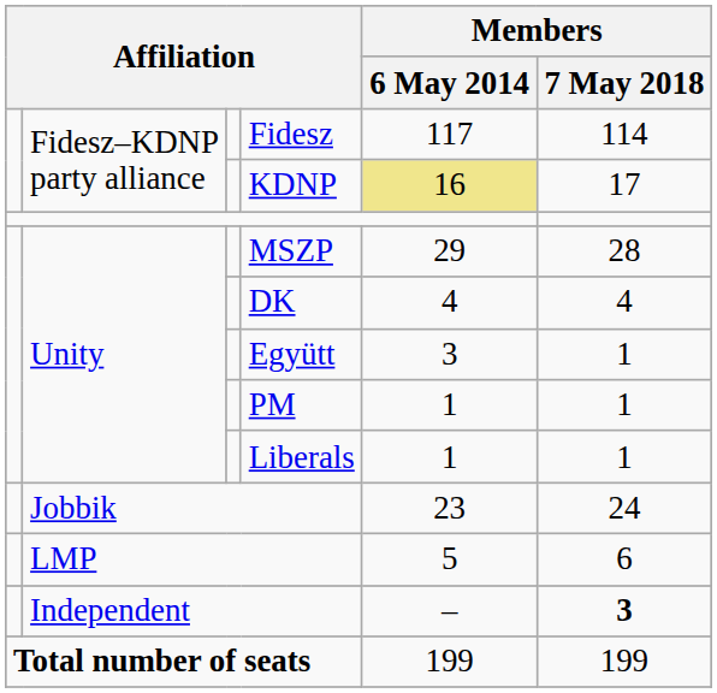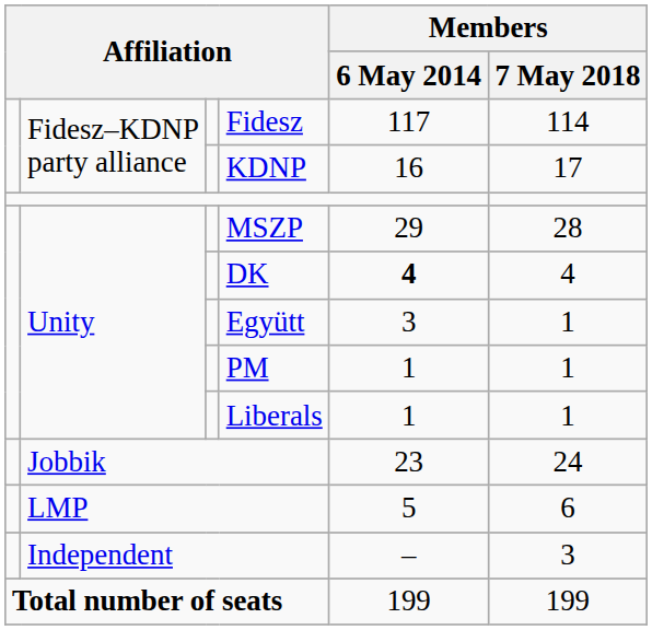 <table class="wikitable">
 <tr>
 <th colspan="4" rowspan="2" style="vertical-align:middle;">Affiliation</th>
 <th colspan="2" style="vertical-align:top;">Members</th>
 </tr>
 <tr>
 <th>6 May 2014</th>
 <th>7 May 2018</th>
 </tr>
 <tr>
 <td width="1" rowspan="2"></td>
 <td rowspan=2; align="left">Fidesz–KDNP<br>party alliance</td>
 <td align="left"></td>
 <td align="left"><a href='#'>Fidesz</a></td>
 <td align="center">117</td>
 <td align="center">114</td>
 </tr>
 <tr>
 <td align="left"></td>
 <td align="left"><a href='#'>KDNP</a></td>
-<td align="center" style="background: khaki;">16</td>
+<td align="center">16</td>
 <td align="center">17</td>
 </tr>
 <tr>
 <td colspan=5></td>
 </tr>
 <tr>
 <td width="1" rowspan="5"></td>
 <td rowspan=5; align="left"><a href='#'>Unity</a></td>
 <td align="left"></td>
 <td align="left"><a href='#'>MSZP</a></td>
 <td align="center">29</td>
 <td align="center">28</td>
 </tr>
 <tr>
 <td align="left"></td>
 <td align="left"><a href='#'>DK</a></td>
-<td align="center">4</td>
+<td align="center"><strong>4</strong></td>
 <td align="center">4</td>
 </tr>
 <tr>
 <td align="left"></td>
 <td align="left"><a href='#'>Együtt</a></td>
 <td align="center">3</td>
 <td align="center">1</td>
 </tr>
 <tr>
 <td align="left"></td>
 <td align="left"><a href='#'>PM</a></td>
 <td align="center">1</td>
 <td align="center">1</td>
 </tr>
 <tr>
 <td align="left"></td>
 <td align="left"><a href='#'>Liberals</a></td>
 <td align="center">1</td>
 <td align="center">1</td>
 </tr>
 <tr>
 <td width="1"></td>
 <td colspan="3" align="left"><a href='#'>Jobbik</a></td>
 <td align="center">23</td>
 <td align="center">24</td>
 </tr>
 <tr>
 <td width="1"></td>
 <td colspan="3" align="left"><a href='#'>LMP</a></td>
 <td align="center">5</td>
 <td align="center">6</td>
 </tr>
 <tr>
 <td width="1"></td>
 <td colspan="3" align="left"><a href='#'>Independent</a></td>
 <td align="center">–</td>
-<td align="center"><strong>3</strong></td>
+<td align="center">3</td>
 </tr>
 <tr>
 <td colspan="4" rowspan="1"><strong>Total number of seats</strong><br></td>
 <td align="center">199</td>
 <td align="center">199</td>
 </tr>
 </table>
